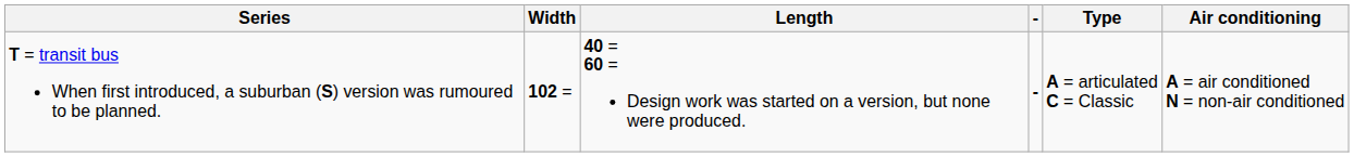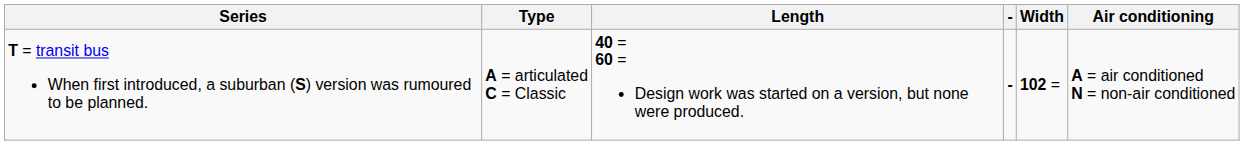 <table class="wikitable">
 <tr>
 <th>Series</th>
-<th>Width</th>
+<th>Type</th>
 <th>Length</th>
 <th>-</th>
-<th>Type</th>
+<th>Width</th>
 <th>Air conditioning</th>
 </tr>
 <tr>
 <td><strong>T</strong> = <a href='#'>transit bus</a><br><ul><li>When  first introduced, a suburban (<strong>S</strong>) version was rumoured to be planned.</li></ul></td>
-<td nowrap><strong>102</strong> = </td>
+<td nowrap><strong>A</strong> = articulated<br><strong>C</strong> = Classic</td>
 <td><strong>40</strong> = <br><strong>60</strong> = <br><ul><li>Design work was started on a  version, but none were produced.</li></ul></td>
 <td><strong> - </strong></td>
-<td nowrap><strong>A</strong> = articulated<br><strong>C</strong> = Classic</td>
+<td nowrap><strong>102</strong> = </td>
 <td nowrap><strong>A</strong> = air conditioned<br><strong>N</strong> = non-air conditioned</td>
 </tr>
 </table>
